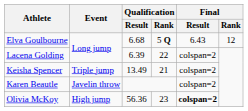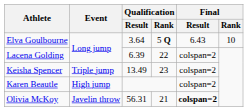 <table class=wikitable style=font-size:90%;text-align:center>
 <tr>
 <th rowspan=2>Athlete</th>
 <th rowspan=2>Event</th>
 <th colspan=2>Qualification</th>
 <th colspan=2>Final</th>
 </tr>
 <tr style=font-size:95%>
 <th>Result</th>
 <th>Rank</th>
 <th>Result</th>
 <th>Rank</th>
 </tr>
 <tr>
 <td align=left><a href='#'>Elva Goulbourne</a></td>
 <td align=left rowspan=2><a href='#'>Long jump</a></td>
-<td>6.68</td>
+<td>3.64</td>
 <td>5 <strong>Q</strong></td>
 <td>6.43</td>
-<td>12</td>
+<td>10</td>
 </tr>
 <tr>
 <td align=left><a href='#'>Lacena Golding</a></td>
 <td>6.39</td>
 <td>22</td>
 <td>colspan=2 </td>
 </tr>
 <tr>
 <td align=left><a href='#'>Keisha Spencer</a></td>
 <td align=left><a href='#'>Triple jump</a></td>
 <td>13.49</td>
-<td>21</td>
+<td>23</td>
 <td>colspan=2 </td>
 </tr>
 <tr>
 <td align=left><a href='#'>Karen Beautle</a></td>
-<td align=left><a href='#'>Javelin throw</a></td>
+<td align=left><a href='#'>High jump</a></td>
 <td colspan=2></td>
 <td>colspan=2 </td>
 </tr>
 <tr>
 <td align=left><a href='#'>Olivia McKoy</a></td>
-<td align=left><a href='#'>High jump</a></td>
-<td>56.36</td>
-<td>23</td>
+<td align=left><a href='#'>Javelin throw</a></td>
+<td>56.31</td>
+<td>21</td>
 <td><strong>colspan=2 </strong></td>
 </tr>
 </table>
